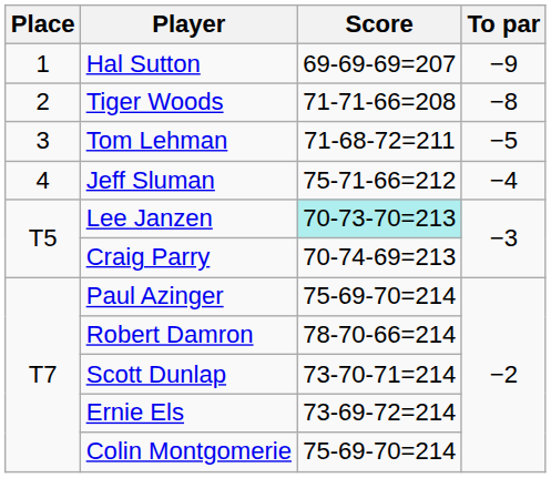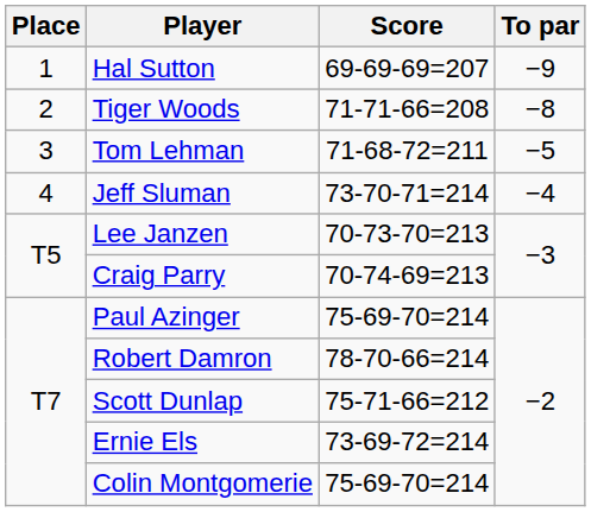 <table class="wikitable">
 <tr>
 <th>Place</th>
 <th>Player</th>
 <th>Score</th>
 <th>To par</th>
 </tr>
 <tr>
 <td align=center>1</td>
 <td> <a href='#'>Hal Sutton</a></td>
 <td align=center>69-69-69=207</td>
 <td align=center>−9</td>
 </tr>
 <tr>
 <td align=center>2</td>
 <td> <a href='#'>Tiger Woods</a></td>
 <td align=center>71-71-66=208</td>
 <td align=center>−8</td>
 </tr>
 <tr>
 <td align=center>3</td>
 <td> <a href='#'>Tom Lehman</a></td>
 <td align=center>71-68-72=211</td>
 <td align=center>−5</td>
 </tr>
 <tr>
 <td align=center>4</td>
 <td> <a href='#'>Jeff Sluman</a></td>
-<td align=center>75-71-66=212</td>
+<td align=center>73-70-71=214</td>
 <td align=center>−4</td>
 </tr>
 <tr>
 <td rowspan=2 align=center>T5</td>
 <td> <a href='#'>Lee Janzen</a></td>
-<td align=center style="background: paleturquoise;">70-73-70=213</td>
+<td align=center>70-73-70=213</td>
 <td rowspan=2 align=center>−3</td>
 </tr>
 <tr>
 <td> <a href='#'>Craig Parry</a></td>
 <td align=center>70-74-69=213</td>
 </tr>
 <tr>
 <td rowspan=5 align=center>T7</td>
 <td> <a href='#'>Paul Azinger</a></td>
 <td align=center>75-69-70=214</td>
 <td rowspan=5 align=center>−2</td>
 </tr>
 <tr>
 <td> <a href='#'>Robert Damron</a></td>
 <td align=center>78-70-66=214</td>
 </tr>
 <tr>
 <td> <a href='#'>Scott Dunlap</a></td>
-<td align=center>73-70-71=214</td>
+<td align=center>75-71-66=212</td>
 </tr>
 <tr>
 <td> <a href='#'>Ernie Els</a></td>
 <td align=center>73-69-72=214</td>
 </tr>
 <tr>
 <td> <a href='#'>Colin Montgomerie</a></td>
 <td align=center>75-69-70=214</td>
 </tr>
 </table>
